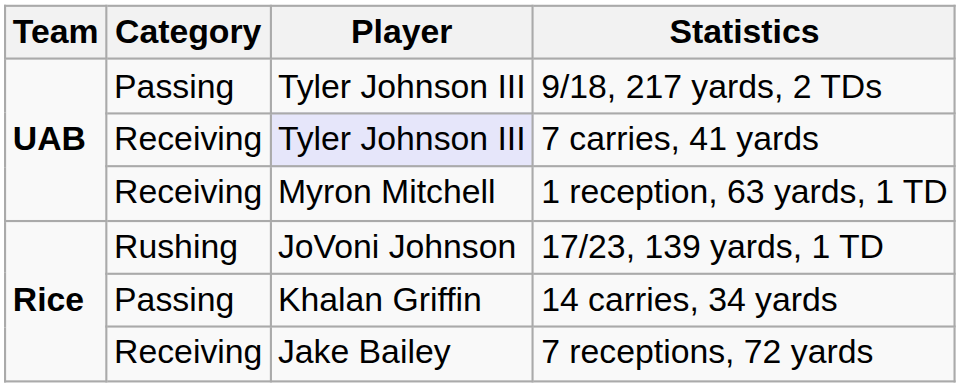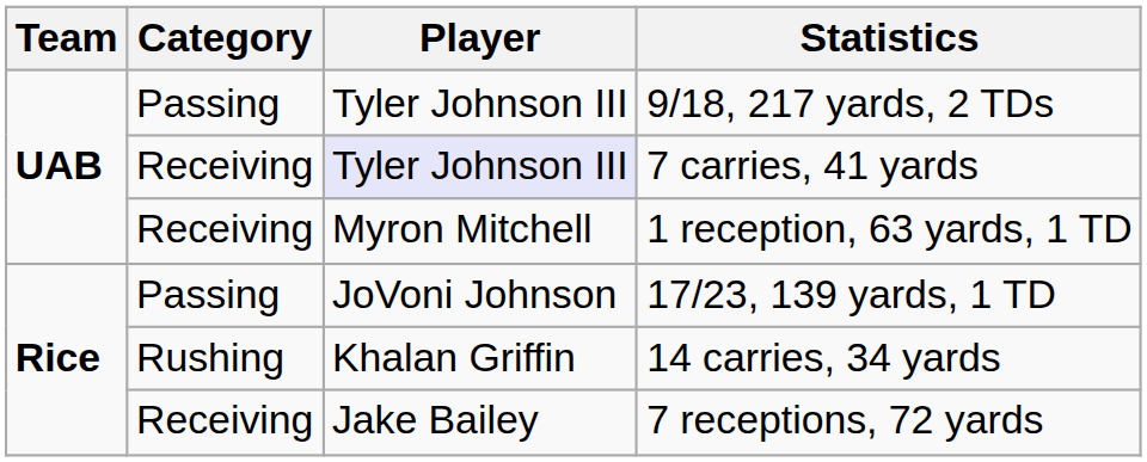 <table class="wikitable" style="float: left;">
 <tr>
 <th>Team</th>
 <th>Category</th>
 <th>Player</th>
 <th>Statistics</th>
 </tr>
 <tr>
 <td rowspan=3><strong>UAB</strong></td>
 <td>Passing</td>
 <td>Tyler Johnson III</td>
 <td>9/18, 217 yards, 2 TDs</td>
 </tr>
 <tr>
 <td>Receiving</td>
 <td style="background: lavender;">Tyler Johnson III</td>
 <td>7 carries, 41 yards</td>
 </tr>
 <tr>
 <td>Receiving</td>
 <td>Myron Mitchell</td>
 <td>1 reception, 63 yards, 1 TD</td>
 </tr>
 <tr>
 <td rowspan=3><strong>Rice</strong></td>
-<td>Rushing</td>
+<td>Passing</td>
 <td>JoVoni Johnson</td>
 <td>17/23, 139 yards, 1 TD</td>
 </tr>
 <tr>
-<td>Passing</td>
+<td>Rushing</td>
 <td>Khalan Griffin</td>
 <td>14 carries, 34 yards</td>
 </tr>
 <tr>
 <td>Receiving</td>
 <td>Jake Bailey</td>
 <td>7 receptions, 72 yards</td>
 </tr>
 </table>
